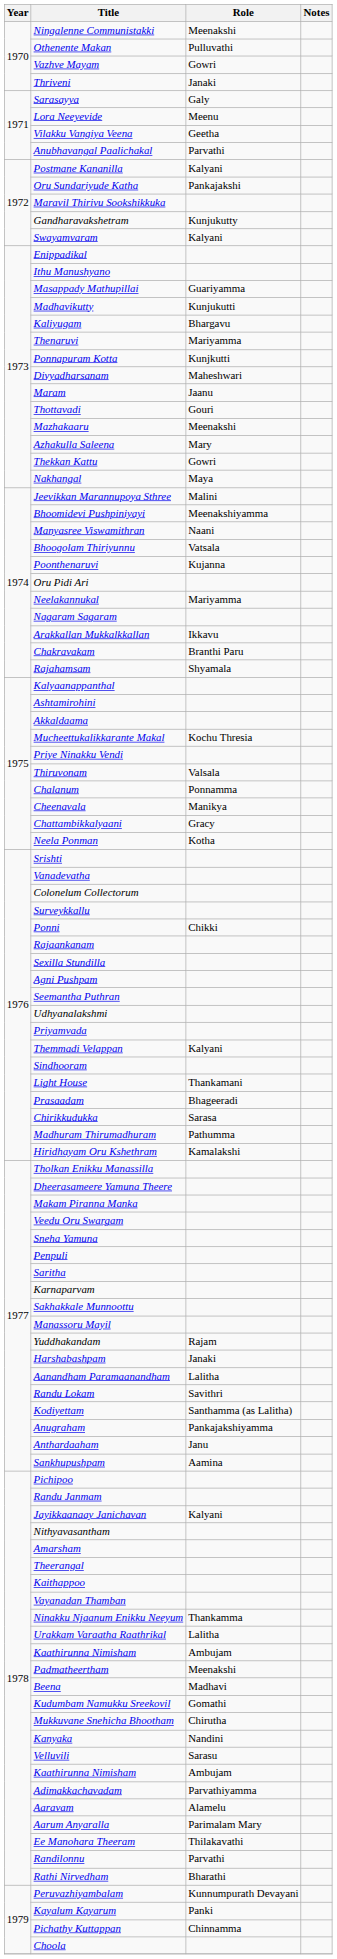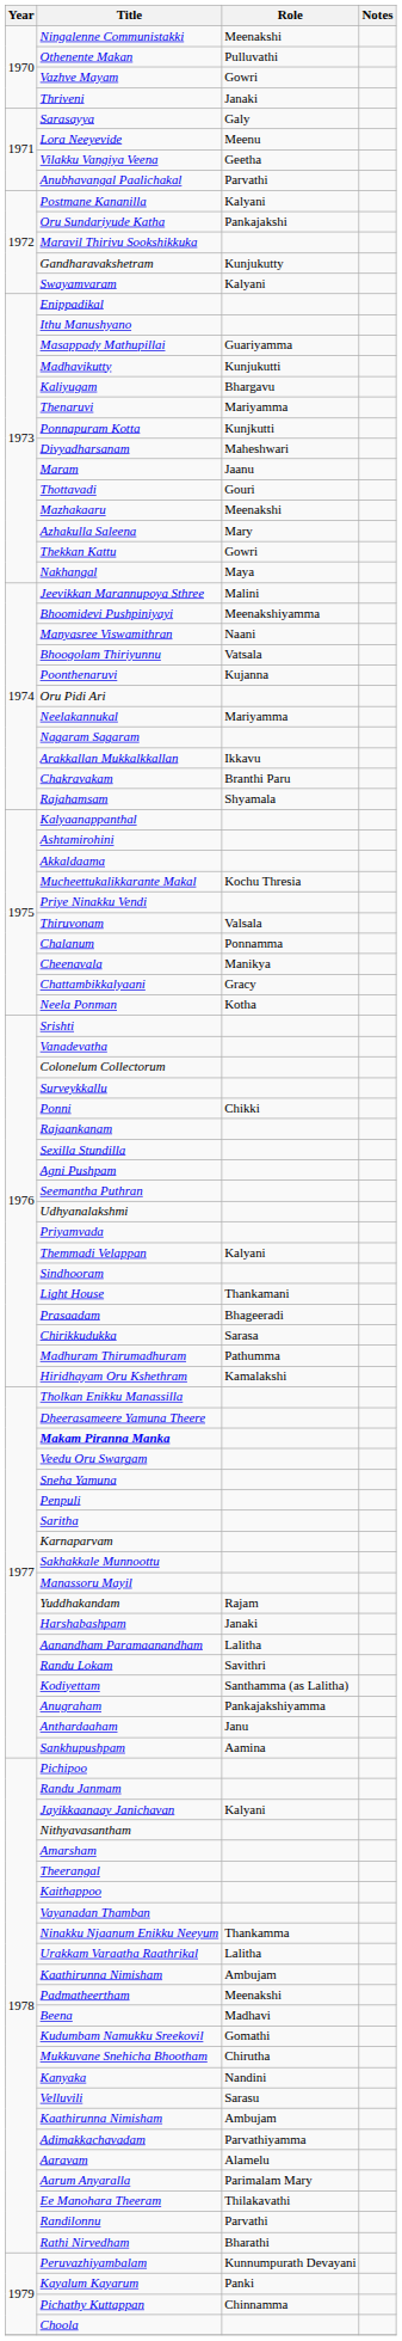 <table class="wikitable sortable">
 <tr>
 <th>Year</th>
 <th>Title</th>
 <th>Role</th>
 <th class="unsortable">Notes</th>
 </tr>
 <tr>
 <td rowspan=4>1970</td>
 <td><em><a href='#'>Ningalenne Communistakki</a></em></td>
 <td>Meenakshi</td>
 <td></td>
 </tr>
 <tr>
 <td><em><a href='#'>Othenente Makan</a></em></td>
 <td>Pulluvathi</td>
 <td></td>
 </tr>
 <tr>
 <td><em><a href='#'>Vazhve Mayam</a></em></td>
 <td>Gowri</td>
 <td></td>
 </tr>
 <tr>
 <td><em><a href='#'>Thriveni</a></em></td>
 <td>Janaki</td>
 <td></td>
 </tr>
 <tr>
 <td rowspan=4>1971</td>
 <td><em><a href='#'>Sarasayya</a></em></td>
 <td>Galy</td>
 <td></td>
 </tr>
 <tr>
 <td><em><a href='#'>Lora Neeyevide</a></em></td>
 <td>Meenu</td>
 <td></td>
 </tr>
 <tr>
 <td><em><a href='#'>Vilakku Vangiya Veena</a></em></td>
 <td>Geetha</td>
 <td></td>
 </tr>
 <tr>
 <td><em><a href='#'>Anubhavangal Paalichakal</a></em></td>
 <td>Parvathi</td>
 <td></td>
 </tr>
 <tr>
 <td rowspan=5>1972</td>
 <td><em><a href='#'>Postmane Kananilla</a></em></td>
 <td>Kalyani</td>
 <td></td>
 </tr>
 <tr>
 <td><em><a href='#'>Oru Sundariyude Katha</a></em></td>
 <td>Pankajakshi</td>
 <td></td>
 </tr>
 <tr>
 <td><em><a href='#'>Maravil Thirivu Sookshikkuka</a></em></td>
 <td></td>
 <td></td>
 </tr>
 <tr>
 <td><em>Gandharavakshetram</em></td>
 <td>Kunjukutty</td>
 <td></td>
 </tr>
 <tr>
 <td><em><a href='#'>Swayamvaram</a></em></td>
 <td>Kalyani</td>
 <td></td>
 </tr>
 <tr>
 <td rowspan=14>1973</td>
 <td><em><a href='#'>Enippadikal</a></em></td>
 <td></td>
 <td></td>
 </tr>
 <tr>
 <td><em><a href='#'>Ithu Manushyano</a></em></td>
 <td></td>
 <td></td>
 </tr>
 <tr>
 <td><em><a href='#'>Masappady Mathupillai</a></em></td>
 <td>Guariyamma</td>
 <td></td>
 </tr>
 <tr>
 <td><em><a href='#'>Madhavikutty</a></em></td>
 <td>Kunjukutti</td>
 <td></td>
 </tr>
 <tr>
 <td><em><a href='#'>Kaliyugam</a></em></td>
 <td>Bhargavu</td>
 <td></td>
 </tr>
 <tr>
 <td><em><a href='#'>Thenaruvi</a></em></td>
 <td>Mariyamma</td>
 <td></td>
 </tr>
 <tr>
 <td><em><a href='#'>Ponnapuram Kotta</a></em></td>
 <td>Kunjkutti</td>
 <td></td>
 </tr>
 <tr>
 <td><em><a href='#'>Divyadharsanam</a></em></td>
 <td>Maheshwari</td>
 <td></td>
 </tr>
 <tr>
 <td><em><a href='#'>Maram</a></em></td>
 <td>Jaanu</td>
 <td></td>
 </tr>
 <tr>
 <td><em><a href='#'>Thottavadi</a></em></td>
 <td>Gouri</td>
 <td></td>
 </tr>
 <tr>
 <td><em><a href='#'>Mazhakaaru</a></em></td>
 <td>Meenakshi</td>
 <td></td>
 </tr>
 <tr>
 <td><em><a href='#'>Azhakulla Saleena</a></em></td>
 <td>Mary</td>
 <td></td>
 </tr>
 <tr>
 <td><em><a href='#'>Thekkan Kattu</a></em></td>
 <td>Gowri</td>
 <td></td>
 </tr>
 <tr>
 <td><em><a href='#'>Nakhangal</a></em></td>
 <td>Maya</td>
 <td></td>
 </tr>
 <tr>
 <td rowspan=11>1974</td>
 <td><em><a href='#'>Jeevikkan Marannupoya Sthree</a></em></td>
 <td>Malini</td>
 <td></td>
 </tr>
 <tr>
 <td><em><a href='#'>Bhoomidevi Pushpiniyayi</a></em></td>
 <td>Meenakshiyamma</td>
 <td></td>
 </tr>
 <tr>
 <td><em><a href='#'>Manyasree Viswamithran</a></em></td>
 <td>Naani</td>
 <td></td>
 </tr>
 <tr>
 <td><em><a href='#'>Bhoogolam Thiriyunnu</a></em></td>
 <td>Vatsala</td>
 <td></td>
 </tr>
 <tr>
 <td><em><a href='#'>Poonthenaruvi</a></em></td>
 <td>Kujanna</td>
 <td></td>
 </tr>
 <tr>
 <td><em>Oru Pidi Ari</em></td>
 <td></td>
 <td></td>
 </tr>
 <tr>
 <td><em><a href='#'>Neelakannukal</a></em></td>
 <td>Mariyamma</td>
 <td></td>
 </tr>
 <tr>
 <td><em><a href='#'>Nagaram Sagaram</a></em></td>
 <td></td>
 <td></td>
 </tr>
 <tr>
 <td><em><a href='#'>Arakkallan Mukkalkkallan</a></em></td>
 <td>Ikkavu</td>
 <td></td>
 </tr>
 <tr>
 <td><em><a href='#'>Chakravakam</a></em></td>
 <td>Branthi Paru</td>
 <td></td>
 </tr>
 <tr>
 <td><em><a href='#'>Rajahamsam</a></em></td>
 <td>Shyamala</td>
 <td></td>
 </tr>
 <tr>
 <td rowspan=10>1975</td>
 <td><em><a href='#'>Kalyaanappanthal</a></em></td>
 <td></td>
 <td></td>
 </tr>
 <tr>
 <td><em><a href='#'>Ashtamirohini</a></em></td>
 <td></td>
 <td></td>
 </tr>
 <tr>
 <td><em><a href='#'>Akkaldaama</a></em></td>
 <td></td>
 </tr>
 <tr>
 <td><em><a href='#'>Mucheettukalikkarante Makal</a></em></td>
 <td>Kochu Thresia</td>
 <td></td>
 </tr>
 <tr>
 <td><em><a href='#'>Priye Ninakku Vendi</a></em></td>
 <td></td>
 <td></td>
 </tr>
 <tr>
 <td><em><a href='#'>Thiruvonam</a></em></td>
 <td>Valsala</td>
 <td></td>
 </tr>
 <tr>
 <td><em><a href='#'>Chalanum</a></em></td>
 <td>Ponnamma</td>
 <td></td>
 </tr>
 <tr>
 <td><em><a href='#'>Cheenavala</a></em></td>
 <td>Manikya</td>
 <td></td>
 </tr>
 <tr>
 <td><em><a href='#'>Chattambikkalyaani</a></em></td>
 <td>Gracy</td>
 <td></td>
 </tr>
 <tr>
 <td><em><a href='#'>Neela Ponman</a></em></td>
 <td>Kotha</td>
 <td></td>
 </tr>
 <tr>
 <td rowspan=18>1976</td>
 <td><em><a href='#'>Srishti</a></em></td>
 <td></td>
 <td></td>
 </tr>
 <tr>
 <td><em><a href='#'>Vanadevatha</a></em></td>
 <td></td>
 <td></td>
 </tr>
 <tr>
 <td><em>Colonelum Collectorum</em></td>
 <td></td>
 <td></td>
 </tr>
 <tr>
 <td><em><a href='#'>Surveykkallu</a></em></td>
 <td></td>
 <td></td>
 </tr>
 <tr>
 <td><em><a href='#'>Ponni</a></em></td>
 <td>Chikki</td>
 <td></td>
 </tr>
 <tr>
 <td><em><a href='#'>Rajaankanam</a></em></td>
 <td></td>
 <td></td>
 </tr>
 <tr>
 <td><em><a href='#'>Sexilla Stundilla</a></em></td>
 <td></td>
 <td></td>
 </tr>
 <tr>
 <td><em><a href='#'>Agni Pushpam</a></em></td>
 <td></td>
 <td></td>
 </tr>
 <tr>
 <td><em><a href='#'>Seemantha Puthran</a></em></td>
 <td></td>
 <td></td>
 </tr>
 <tr>
 <td><em>Udhyanalakshmi</em></td>
 <td></td>
 <td></td>
 </tr>
 <tr>
 <td><em><a href='#'>Priyamvada</a></em></td>
 <td></td>
 <td></td>
 </tr>
 <tr>
 <td><em><a href='#'>Themmadi Velappan</a></em></td>
 <td>Kalyani</td>
 <td></td>
 </tr>
 <tr>
 <td><em><a href='#'>Sindhooram</a></em></td>
 <td></td>
 <td></td>
 </tr>
 <tr>
 <td><em><a href='#'>Light House</a></em></td>
 <td>Thankamani</td>
 <td></td>
 </tr>
 <tr>
 <td><em><a href='#'>Prasaadam</a></em></td>
 <td>Bhageeradi</td>
 <td></td>
 </tr>
 <tr>
 <td><em><a href='#'>Chirikkudukka</a></em></td>
 <td>Sarasa</td>
 <td></td>
 </tr>
 <tr>
 <td><em><a href='#'>Madhuram Thirumadhuram</a></em></td>
 <td>Pathumma</td>
 <td></td>
 </tr>
 <tr>
 <td><em><a href='#'>Hiridhayam Oru Kshethram</a></em></td>
 <td>Kamalakshi</td>
 <td></td>
 </tr>
 <tr>
 <td rowspan=18>1977</td>
 <td><em><a href='#'>Tholkan Enikku Manassilla</a></em></td>
 <td></td>
 <td></td>
 </tr>
 <tr>
 <td><em><a href='#'>Dheerasameere Yamuna Theere</a></em></td>
 <td></td>
 <td></td>
 </tr>
 <tr>
-<td><em><a href='#'>Makam Piranna Manka</a></em></td>
+<td><strong><em><a href='#'>Makam Piranna Manka</a></em></strong></td>
 <td></td>
 <td></td>
 </tr>
 <tr>
 <td><em><a href='#'>Veedu Oru Swargam</a></em></td>
 <td></td>
 <td></td>
 </tr>
 <tr>
 <td><em><a href='#'>Sneha Yamuna</a></em></td>
 <td></td>
 <td></td>
 </tr>
 <tr>
 <td><em><a href='#'>Penpuli</a></em></td>
 <td></td>
 <td></td>
 </tr>
 <tr>
 <td><em><a href='#'>Saritha</a></em></td>
 <td></td>
 <td></td>
 </tr>
 <tr>
 <td><em>Karnaparvam</em></td>
 <td></td>
 <td></td>
 </tr>
 <tr>
 <td><em><a href='#'>Sakhakkale Munnoottu</a></em></td>
 <td></td>
 <td></td>
 </tr>
 <tr>
 <td><em><a href='#'>Manassoru Mayil</a></em></td>
 <td></td>
 <td></td>
 </tr>
 <tr>
 <td><em>Yuddhakandam</em></td>
 <td>Rajam</td>
 <td></td>
 </tr>
 <tr>
 <td><em><a href='#'>Harshabashpam</a></em></td>
 <td>Janaki</td>
 <td></td>
 </tr>
 <tr>
 <td><em><a href='#'>Aanandham Paramaanandham</a></em></td>
 <td>Lalitha</td>
 <td></td>
 </tr>
 <tr>
 <td><em><a href='#'>Randu Lokam</a></em></td>
 <td>Savithri</td>
 <td></td>
 </tr>
 <tr>
 <td><em><a href='#'>Kodiyettam</a></em></td>
 <td>Santhamma (as Lalitha)</td>
 <td></td>
 </tr>
 <tr>
 <td><em><a href='#'>Anugraham</a></em></td>
 <td>Pankajakshiyamma</td>
 <td></td>
 </tr>
 <tr>
 <td><em><a href='#'>Anthardaaham</a></em></td>
 <td>Janu</td>
 <td></td>
 </tr>
 <tr>
 <td><em><a href='#'>Sankhupushpam</a></em></td>
 <td>Aamina</td>
 <td></td>
 </tr>
 <tr>
 <td rowspan=24>1978</td>
 <td><em><a href='#'>Pichipoo</a></em></td>
 <td></td>
 <td></td>
 </tr>
 <tr>
 <td><em><a href='#'>Randu Janmam</a></em></td>
 <td></td>
 <td></td>
 </tr>
 <tr>
 <td><em><a href='#'>Jayikkaanaay Janichavan</a></em></td>
 <td>Kalyani</td>
 <td></td>
 </tr>
 <tr>
 <td><em>Nithyavasantham</em></td>
 <td></td>
 <td></td>
 </tr>
 <tr>
 <td><em><a href='#'>Amarsham</a></em></td>
 <td></td>
 <td></td>
 </tr>
 <tr>
 <td><em><a href='#'>Theerangal</a></em></td>
 <td></td>
 <td></td>
 </tr>
 <tr>
 <td><em><a href='#'>Kaithappoo</a></em></td>
 <td></td>
 <td></td>
 </tr>
 <tr>
 <td><em><a href='#'>Vayanadan Thamban</a></em></td>
 <td></td>
 <td></td>
 </tr>
 <tr>
 <td><em><a href='#'>Ninakku Njaanum Enikku Neeyum</a></em></td>
 <td>Thankamma</td>
 <td></td>
 </tr>
 <tr>
 <td><em><a href='#'>Urakkam Varaatha Raathrikal</a></em></td>
 <td>Lalitha</td>
 <td></td>
 </tr>
 <tr>
 <td><em><a href='#'>Kaathirunna Nimisham</a></em></td>
 <td>Ambujam</td>
 <td></td>
 </tr>
 <tr>
 <td><em><a href='#'>Padmatheertham</a></em></td>
 <td>Meenakshi</td>
 <td></td>
 </tr>
 <tr>
 <td><em><a href='#'>Beena</a></em></td>
 <td>Madhavi</td>
 <td></td>
 </tr>
 <tr>
 <td><em><a href='#'>Kudumbam Namukku Sreekovil</a></em></td>
 <td>Gomathi</td>
 <td></td>
 </tr>
 <tr>
 <td><em><a href='#'>Mukkuvane Snehicha Bhootham</a></em></td>
 <td>Chirutha</td>
 <td></td>
 </tr>
 <tr>
 <td><em><a href='#'>Kanyaka</a></em></td>
 <td>Nandini</td>
 <td></td>
 </tr>
 <tr>
 <td><em><a href='#'>Velluvili</a></em></td>
 <td>Sarasu</td>
 <td></td>
 </tr>
 <tr>
 <td><em><a href='#'>Kaathirunna Nimisham</a></em></td>
 <td>Ambujam</td>
 <td></td>
 </tr>
 <tr>
 <td><em><a href='#'>Adimakkachavadam</a></em></td>
 <td>Parvathiyamma</td>
 <td></td>
 </tr>
 <tr>
 <td><em><a href='#'>Aaravam</a></em></td>
 <td>Alamelu</td>
 <td></td>
 </tr>
 <tr>
 <td><em><a href='#'>Aarum Anyaralla</a></em></td>
 <td>Parimalam Mary</td>
 <td></td>
 </tr>
 <tr>
 <td><em><a href='#'>Ee Manohara Theeram</a></em></td>
 <td>Thilakavathi</td>
 <td></td>
 </tr>
 <tr>
 <td><em><a href='#'>Randilonnu</a></em></td>
 <td>Parvathi</td>
 <td></td>
 </tr>
 <tr>
 <td><em><a href='#'>Rathi Nirvedham</a></em></td>
 <td>Bharathi</td>
 <td></td>
 </tr>
 <tr>
 <td rowspan=4>1979</td>
 <td><em><a href='#'>Peruvazhiyambalam</a></em></td>
 <td>Kunnumpurath Devayani</td>
 <td></td>
 </tr>
 <tr>
 <td><em><a href='#'>Kayalum Kayarum</a></em></td>
 <td>Panki</td>
 <td></td>
 </tr>
 <tr>
 <td><em><a href='#'>Pichathy Kuttappan</a></em></td>
 <td>Chinnamma</td>
 <td></td>
 </tr>
 <tr>
 <td><em><a href='#'>Choola</a></em></td>
 <td></td>
 <td></td>
 </tr>
 <tr>
 </tr>
 </table>
